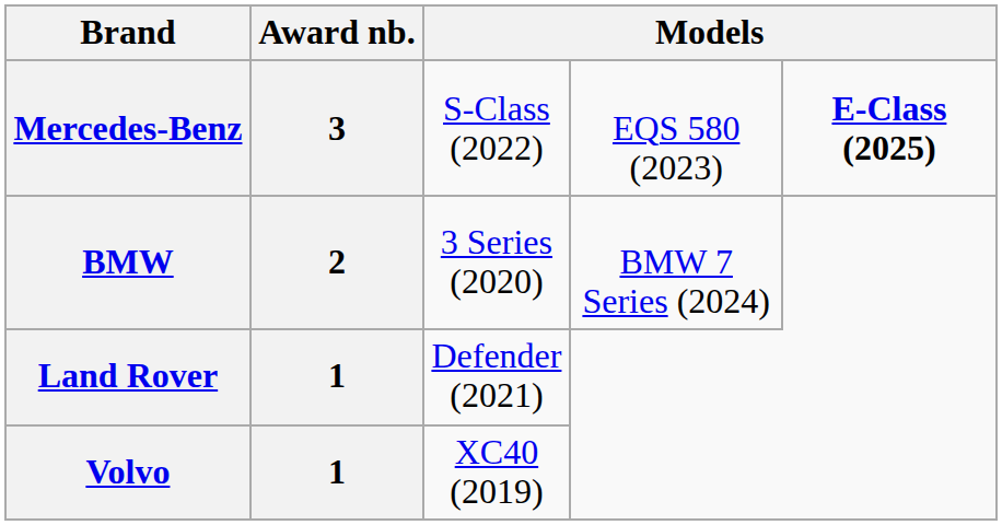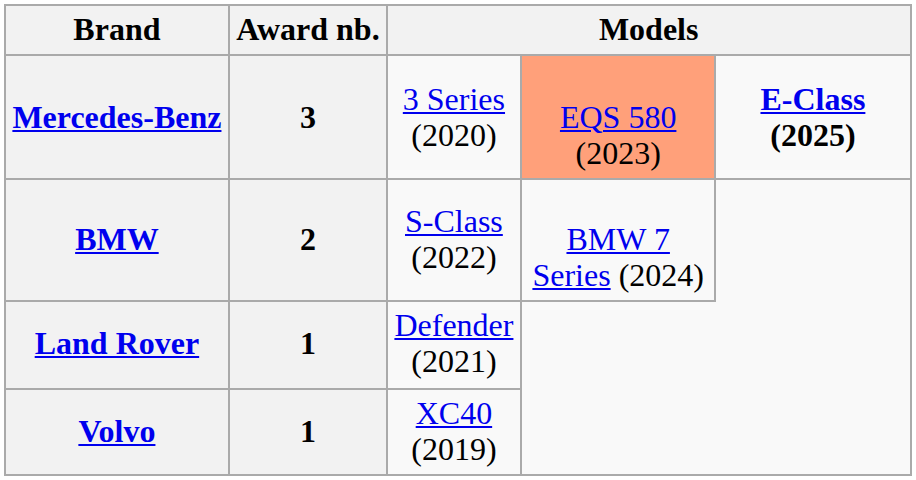 <table class="wikitable sortable">
 <tr>
 <th>Brand</th>
 <th>Award nb.</th>
 <th colspan="3" align="center">Models</th>
 </tr>
 <tr>
 <th> <a href='#'>Mercedes-Benz</a></th>
 <th>3</th>
-<td align="center"><a href='#'>S-Class</a><br>(2022)</td>
-<td width="90" align="center" ;><br><a href='#'>EQS 580</a> (2023)</td>
+<td align="center"><a href='#'>3 Series</a><br>(2020)</td>
+<td width="90" align="center" ; style="background: lightsalmon;"><br><a href='#'>EQS 580</a> (2023)</td>
 <td width="90" align="center" ;><strong><a href='#'>E-Class</a> (2025)</strong></td>
 </tr>
 <tr>
 <th> <a href='#'>BMW</a></th>
 <th>2</th>
-<td align="center"><a href='#'>3 Series</a><br>(2020)</td>
+<td align="center"><a href='#'>S-Class</a><br>(2022)</td>
 <td width="90" align="center" ;><br><a href='#'>BMW 7 Series</a> (2024)</td>
 </tr>
 <tr>
 <th> <a href='#'>Land Rover</a></th>
 <th>1</th>
 <td align="center"><a href='#'>Defender</a><br>(2021)</td>
 </tr>
 <tr>
 <th> <a href='#'>Volvo</a></th>
 <th>1</th>
 <td align="center"><a href='#'>XC40</a><br>(2019)</td>
 </tr>
 </table>
